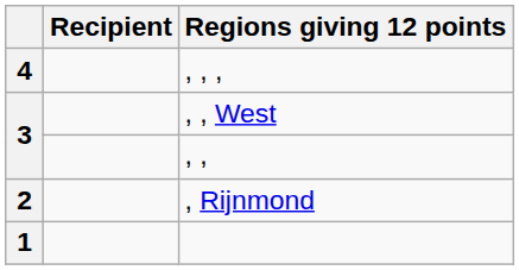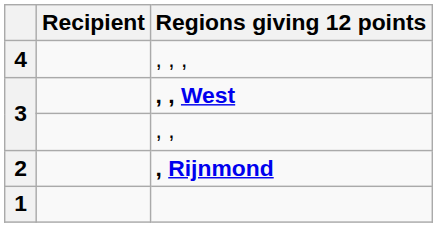 <table class="wikitable plainrowheaders">
 <tr>
 <th scope="col" width="15px"></th>
 <th scope="col">Recipient</th>
 <th scope="col">Regions giving 12 points</th>
 </tr>
 <tr>
 <th scope="row" style="text-align: center;">4</th>
 <td></td>
 <td>, , , </td>
 </tr>
 <tr>
 <th rowspan="2" scope="row" style="text-align: center;">3</th>
 <td></td>
-<td>, ,  <a href='#'>West</a></td>
+<td><strong>, ,  <a href='#'>West</a></strong></td>
 </tr>
 <tr>
 <td></td>
 <td>, , </td>
 </tr>
 <tr>
 <th scope="row" style="text-align: center;">2</th>
 <td></td>
-<td>,  <a href='#'>Rijnmond</a></td>
+<td><strong>,  <a href='#'>Rijnmond</a></strong></td>
 </tr>
 <tr>
 <th scope="row" style="text-align: center;">1</th>
 <td></td>
 <td></td>
 </tr>
 </table>
